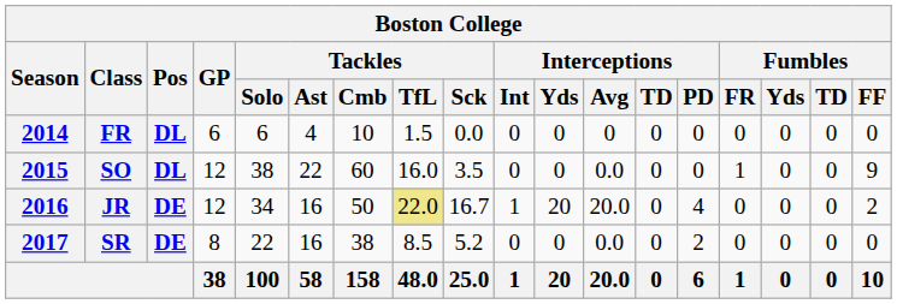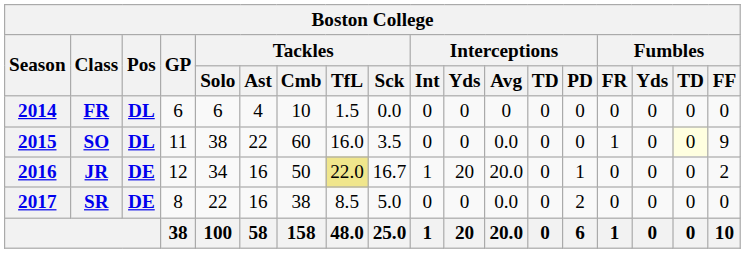 <table class="wikitable" style="text-align:center;">
 <tr>
 <th colspan="18">Boston College</th>
 </tr>
 <tr>
 <th rowspan="2">Season</th>
 <th rowspan="2">Class</th>
 <th rowspan="2">Pos</th>
 <th rowspan="2">GP</th>
 <th colspan="5">Tackles</th>
 <th colspan="5">Interceptions</th>
 <th colspan="4">Fumbles</th>
 </tr>
 <tr>
 <th>Solo</th>
 <th>Ast</th>
 <th>Cmb</th>
 <th>TfL</th>
 <th>Sck</th>
 <th>Int</th>
 <th>Yds</th>
 <th>Avg</th>
 <th>TD</th>
 <th>PD</th>
 <th>FR</th>
 <th>Yds</th>
 <th>TD</th>
 <th>FF</th>
 </tr>
 <tr>
 <th><a href='#'>2014</a></th>
 <th><a href='#'>FR</a></th>
 <th><a href='#'>DL</a></th>
 <td>6</td>
 <td>6</td>
 <td>4</td>
 <td>10</td>
 <td>1.5</td>
 <td>0.0</td>
 <td>0</td>
 <td>0</td>
 <td>0</td>
 <td>0</td>
 <td>0</td>
 <td>0</td>
 <td>0</td>
 <td>0</td>
 <td>0</td>
 </tr>
 <tr>
 <th><a href='#'>2015</a></th>
 <th><a href='#'>SO</a></th>
 <th><a href='#'>DL</a></th>
-<td>12</td>
+<td>11</td>
 <td>38</td>
 <td>22</td>
 <td>60</td>
 <td>16.0</td>
 <td>3.5</td>
 <td>0</td>
 <td>0</td>
 <td>0.0</td>
 <td>0</td>
 <td>0</td>
 <td>1</td>
 <td>0</td>
-<td>0</td>
+<td style="background: lightyellow;">0</td>
 <td>9</td>
 </tr>
 <tr>
 <th><a href='#'>2016</a></th>
 <th><a href='#'>JR</a></th>
 <th><a href='#'>DE</a></th>
 <td>12</td>
 <td>34</td>
 <td>16</td>
 <td>50</td>
 <td style="background: khaki;">22.0</td>
 <td>16.7</td>
 <td>1</td>
 <td>20</td>
 <td>20.0</td>
 <td>0</td>
-<td>4</td>
+<td>1</td>
 <td>0</td>
 <td>0</td>
 <td>0</td>
 <td>2</td>
 </tr>
 <tr>
 <th><a href='#'>2017</a></th>
 <th><a href='#'>SR</a></th>
 <th><a href='#'>DE</a></th>
 <td>8</td>
 <td>22</td>
 <td>16</td>
 <td>38</td>
 <td>8.5</td>
-<td>5.2</td>
+<td>5.0</td>
 <td>0</td>
 <td>0</td>
 <td>0.0</td>
 <td>0</td>
 <td>2</td>
 <td>0</td>
 <td>0</td>
 <td>0</td>
 <td>0</td>
 </tr>
 <tr>
 <th colspan="3"></th>
 <th>38</th>
 <th>100</th>
 <th>58</th>
 <th>158</th>
 <th>48.0</th>
 <th>25.0</th>
 <th>1</th>
 <th>20</th>
 <th>20.0</th>
 <th>0</th>
 <th>6</th>
 <th>1</th>
 <th>0</th>
 <th>0</th>
 <th>10</th>
 </tr>
 </table>
